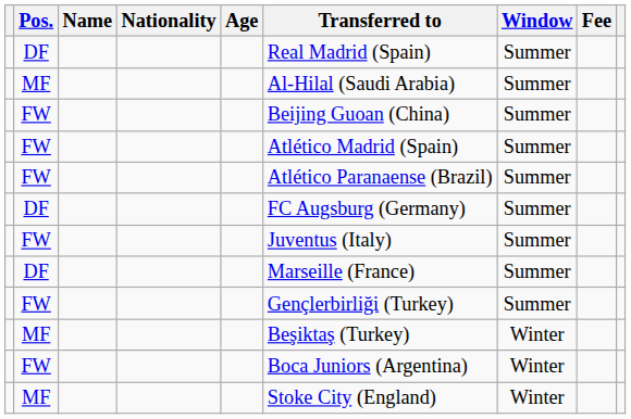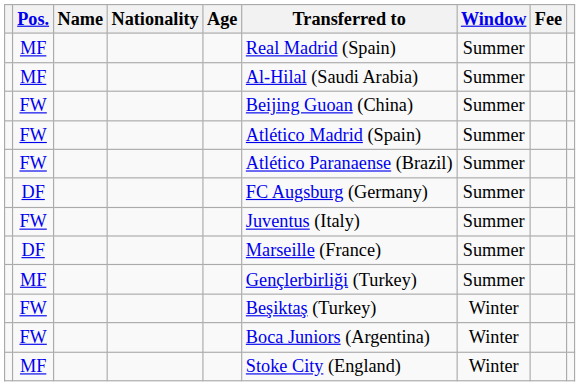 <table class="wikitable sortable" style="text-align:center;">
 <tr>
 <th scope=col></th>
 <th scope=col><a href='#'>Pos.</a></th>
 <th scope=col>Name</th>
 <th scope=col>Nationality</th>
 <th scope=col>Age</th>
 <th scope=col>Transferred to</th>
 <th scope=col><a href='#'>Window</a></th>
 <th scope=col>Fee</th>
 <th scope=col class=unsortable></th>
 </tr>
 <tr>
 <td></td>
-<td><a href='#'>DF</a></td>
+<td><a href='#'>MF</a></td>
 <td align=left></td>
 <td align=left></td>
 <td></td>
 <td align=left><a href='#'>Real Madrid</a> (Spain)</td>
 <td>Summer</td>
 <td></td>
 <td></td>
 </tr>
 <tr>
 <td></td>
 <td><a href='#'>MF</a></td>
 <td align=left></td>
 <td align=left></td>
 <td></td>
 <td align=left><a href='#'>Al-Hilal</a> (Saudi Arabia)</td>
 <td>Summer</td>
 <td></td>
 <td></td>
 </tr>
 <tr>
 <td></td>
 <td><a href='#'>FW</a></td>
 <td align=left></td>
 <td align=left></td>
 <td></td>
 <td align=left><a href='#'>Beijing Guoan</a> (China)</td>
 <td>Summer</td>
 <td></td>
 <td></td>
 </tr>
 <tr>
 <td></td>
 <td><a href='#'>FW</a></td>
 <td align=left></td>
 <td align=left></td>
 <td></td>
 <td align=left><a href='#'>Atlético Madrid</a> (Spain)</td>
 <td>Summer</td>
 <td></td>
 <td></td>
 </tr>
 <tr>
 <td></td>
 <td><a href='#'>FW</a></td>
 <td align=left></td>
 <td align=left></td>
 <td></td>
 <td align=left><a href='#'>Atlético Paranaense</a> (Brazil)</td>
 <td>Summer</td>
 <td></td>
 <td></td>
 </tr>
 <tr>
 <td></td>
 <td><a href='#'>DF</a></td>
 <td align=left></td>
 <td align=left></td>
 <td></td>
 <td align=left><a href='#'>FC Augsburg</a> (Germany)</td>
 <td>Summer</td>
 <td></td>
 <td></td>
 </tr>
 <tr>
 <td></td>
 <td><a href='#'>FW</a></td>
 <td align=left></td>
 <td align=left></td>
 <td></td>
 <td align=left><a href='#'>Juventus</a> (Italy)</td>
 <td>Summer</td>
 <td></td>
 <td></td>
 </tr>
 <tr>
 <td></td>
 <td><a href='#'>DF</a></td>
 <td align=left></td>
 <td align=left></td>
 <td></td>
 <td align=left><a href='#'>Marseille</a> (France)</td>
 <td>Summer</td>
 <td></td>
 <td></td>
 </tr>
 <tr>
 <td></td>
-<td><a href='#'>FW</a></td>
+<td><a href='#'>MF</a></td>
 <td align=left></td>
 <td align=left></td>
 <td></td>
 <td align=left><a href='#'>Gençlerbirliği</a> (Turkey)</td>
 <td>Summer</td>
 <td></td>
 <td></td>
 </tr>
 <tr>
 <td></td>
-<td><a href='#'>MF</a></td>
+<td><a href='#'>FW</a></td>
 <td align=left></td>
 <td align=left></td>
 <td></td>
 <td align=left><a href='#'>Beşiktaş</a> (Turkey)</td>
 <td>Winter</td>
 <td></td>
 <td></td>
 </tr>
 <tr>
 <td></td>
 <td><a href='#'>FW</a></td>
 <td align=left></td>
 <td align=left></td>
 <td></td>
 <td align=left><a href='#'>Boca Juniors</a> (Argentina)</td>
 <td>Winter</td>
 <td></td>
 <td></td>
 </tr>
 <tr>
 <td></td>
 <td><a href='#'>MF</a></td>
 <td align=left></td>
 <td align=left></td>
 <td></td>
 <td align=left><a href='#'>Stoke City</a> (England)</td>
 <td>Winter</td>
 <td></td>
 <td></td>
 </tr>
 </table>
